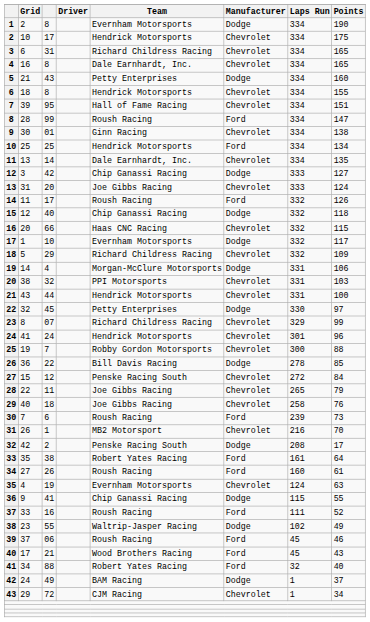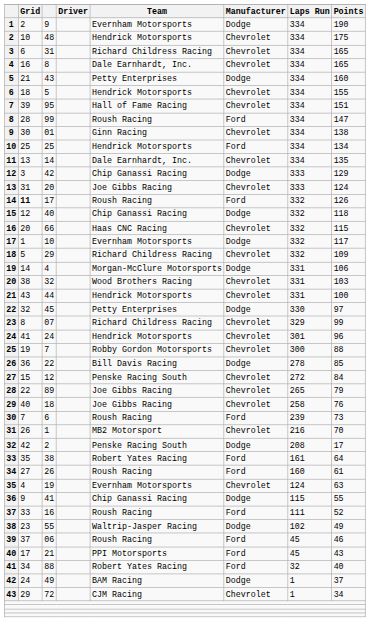 <table class="wikitable sortable">
 <tr>
 </tr>
 <tr>
 <th scope="col"></th>
 <th scope="col">Grid</th>
 <th scope="col"></th>
 <th scope="col">Driver</th>
 <th scope="col">Team</th>
 <th scope="col">Manufacturer</th>
 <th scope="col">Laps Run</th>
 <th scope="col">Points</th>
 </tr>
 <tr>
 <th scope="row">1</th>
 <td>2</td>
-<td>8</td>
+<td>9</td>
 <td></td>
 <td>Evernham Motorsports</td>
 <td>Dodge</td>
 <td>334</td>
 <td>190</td>
 </tr>
 <tr>
 <th scope="row">2</th>
 <td>10</td>
-<td>17</td>
+<td>48</td>
 <td></td>
 <td>Hendrick Motorsports</td>
 <td>Chevrolet</td>
 <td>334</td>
 <td>175</td>
 </tr>
 <tr>
 <th scope="row">3</th>
 <td>6</td>
 <td>31</td>
 <td></td>
 <td>Richard Childress Racing</td>
 <td>Chevrolet</td>
 <td>334</td>
 <td>165</td>
 </tr>
 <tr>
 <th scope="row">4</th>
 <td>16</td>
 <td>8</td>
 <td></td>
 <td>Dale Earnhardt, Inc.</td>
 <td>Chevrolet</td>
 <td>334</td>
 <td>165</td>
 </tr>
 <tr>
 <th scope="row">5</th>
 <td>21</td>
 <td>43</td>
 <td></td>
 <td>Petty Enterprises</td>
 <td>Dodge</td>
 <td>334</td>
 <td>160</td>
 </tr>
 <tr>
 <th scope="row">6</th>
 <td>18</td>
-<td>8</td>
+<td>5</td>
 <td></td>
 <td>Hendrick Motorsports</td>
 <td>Chevrolet</td>
 <td>334</td>
 <td>155</td>
 </tr>
 <tr>
 <th scope="row">7</th>
 <td>39</td>
 <td>95</td>
 <td></td>
 <td>Hall of Fame Racing</td>
 <td>Chevrolet</td>
 <td>334</td>
 <td>151</td>
 </tr>
 <tr>
 <th scope="row">8</th>
 <td>28</td>
 <td>99</td>
 <td></td>
 <td>Roush Racing</td>
 <td>Ford</td>
 <td>334</td>
 <td>147</td>
 </tr>
 <tr>
 <th scope="row">9</th>
 <td>30</td>
 <td>01</td>
 <td></td>
 <td>Ginn Racing</td>
 <td>Chevrolet</td>
 <td>334</td>
 <td>138</td>
 </tr>
 <tr>
 <th scope="row">10</th>
 <td>25</td>
 <td>25</td>
 <td></td>
 <td>Hendrick Motorsports</td>
 <td>Ford</td>
 <td>334</td>
 <td>134</td>
 </tr>
 <tr>
 <th scope="row">11</th>
 <td>13</td>
 <td>14</td>
 <td></td>
 <td>Dale Earnhardt, Inc.</td>
 <td>Chevrolet</td>
 <td>334</td>
 <td>135</td>
 </tr>
 <tr>
 <th scope="row">12</th>
 <td>3</td>
 <td>42</td>
 <td></td>
 <td>Chip Ganassi Racing</td>
 <td>Dodge</td>
 <td>333</td>
-<td>127</td>
+<td>129</td>
 </tr>
 <tr>
 <th scope="row">13</th>
 <td>31</td>
 <td>20</td>
 <td></td>
 <td>Joe Gibbs Racing</td>
 <td>Chevrolet</td>
 <td>333</td>
 <td>124</td>
 </tr>
 <tr>
 <th scope="row">14</th>
-<td>11</td>
+<td><strong>11</strong></td>
 <td>17</td>
 <td></td>
 <td>Roush Racing</td>
 <td>Ford</td>
 <td>332</td>
 <td>126</td>
 </tr>
 <tr>
 <th scope="row">15</th>
 <td>12</td>
 <td>40</td>
 <td></td>
 <td>Chip Ganassi Racing</td>
 <td>Dodge</td>
 <td>332</td>
 <td>118</td>
 </tr>
 <tr>
 <th scope="row">16</th>
 <td>20</td>
 <td>66</td>
 <td></td>
 <td>Haas CNC Racing</td>
 <td>Chevrolet</td>
 <td>332</td>
 <td>115</td>
 </tr>
 <tr>
 <th scope="row">17</th>
 <td>1</td>
 <td>10</td>
 <td></td>
 <td>Evernham Motorsports</td>
 <td>Dodge</td>
 <td>332</td>
 <td>117</td>
 </tr>
 <tr>
 <th scope="row">18</th>
 <td>5</td>
 <td>29</td>
 <td></td>
 <td>Richard Childress Racing</td>
 <td>Chevrolet</td>
 <td>332</td>
 <td>109</td>
 </tr>
 <tr>
 <th scope="row">19</th>
 <td>14</td>
 <td>4</td>
 <td></td>
 <td>Morgan-McClure Motorsports</td>
 <td>Dodge</td>
 <td>331</td>
 <td>106</td>
 </tr>
 <tr>
 <th scope="row">20</th>
 <td>38</td>
 <td>32</td>
 <td></td>
-<td>PPI Motorsports</td>
+<td>Wood Brothers Racing</td>
 <td>Chevrolet</td>
 <td>331</td>
 <td>103</td>
 </tr>
 <tr>
 <th scope="row">21</th>
 <td>43</td>
 <td>44</td>
 <td></td>
 <td>Hendrick Motorsports</td>
 <td>Chevrolet</td>
 <td>331</td>
 <td>100</td>
 </tr>
 <tr>
 <th scope="row">22</th>
 <td>32</td>
 <td>45</td>
 <td></td>
 <td>Petty Enterprises</td>
 <td>Dodge</td>
 <td>330</td>
 <td>97</td>
 </tr>
 <tr>
 <th scope="row">23</th>
 <td>8</td>
 <td>07</td>
 <td></td>
 <td>Richard Childress Racing</td>
 <td>Chevrolet</td>
 <td>329</td>
 <td>99</td>
 </tr>
 <tr>
 <th scope="row">24</th>
 <td>41</td>
 <td>24</td>
 <td></td>
 <td>Hendrick Motorsports</td>
 <td>Chevrolet</td>
 <td>301</td>
 <td>96</td>
 </tr>
 <tr>
 <th scope="row">25</th>
 <td>19</td>
 <td>7</td>
 <td></td>
 <td>Robby Gordon Motorsports</td>
 <td>Chevrolet</td>
 <td>300</td>
 <td>88</td>
 </tr>
 <tr>
 <th scope="row">26</th>
 <td>36</td>
 <td>22</td>
 <td></td>
 <td>Bill Davis Racing</td>
 <td>Dodge</td>
 <td>278</td>
 <td>85</td>
 </tr>
 <tr>
 <th scope="row">27</th>
 <td>15</td>
 <td>12</td>
 <td></td>
 <td>Penske Racing South</td>
 <td>Chevrolet</td>
 <td>272</td>
 <td>84</td>
 </tr>
 <tr>
 <th scope="row">28</th>
 <td>22</td>
-<td>11</td>
+<td>89</td>
 <td></td>
 <td>Joe Gibbs Racing</td>
 <td>Chevrolet</td>
 <td>265</td>
 <td>79</td>
 </tr>
 <tr>
 <th scope="row">29</th>
 <td>40</td>
 <td>18</td>
 <td></td>
 <td>Joe Gibbs Racing</td>
 <td>Chevrolet</td>
 <td>258</td>
 <td>76</td>
 </tr>
 <tr>
 <th scope="row">30</th>
 <td>7</td>
 <td>6</td>
 <td></td>
 <td>Roush Racing</td>
 <td>Ford</td>
 <td>239</td>
 <td>73</td>
 </tr>
 <tr>
 <th scope="row">31</th>
 <td>26</td>
 <td>1</td>
 <td></td>
 <td>MB2 Motorsport</td>
 <td>Chevrolet</td>
 <td>216</td>
 <td>70</td>
 </tr>
 <tr>
 <th scope="row">32</th>
 <td>42</td>
 <td>2</td>
 <td></td>
 <td>Penske Racing South</td>
 <td>Dodge</td>
 <td>208</td>
 <td>17</td>
 </tr>
 <tr>
 <th scope="row">33</th>
 <td>35</td>
 <td>38</td>
 <td></td>
 <td>Robert Yates Racing</td>
 <td>Ford</td>
 <td>161</td>
 <td>64</td>
 </tr>
 <tr>
 <th scope="row">34</th>
 <td>27</td>
 <td>26</td>
 <td></td>
 <td>Roush Racing</td>
 <td>Ford</td>
 <td>160</td>
 <td>61</td>
 </tr>
 <tr>
 <th scope="row">35</th>
 <td>4</td>
 <td>19</td>
 <td></td>
 <td>Evernham Motorsports</td>
 <td>Chevrolet</td>
 <td>124</td>
 <td>63</td>
 </tr>
 <tr>
 <th scope="row">36</th>
 <td>9</td>
 <td>41</td>
 <td></td>
 <td>Chip Ganassi Racing</td>
 <td>Dodge</td>
 <td>115</td>
 <td>55</td>
 </tr>
 <tr>
 <th scope="row">37</th>
 <td>33</td>
 <td>16</td>
 <td></td>
 <td>Roush Racing</td>
 <td>Ford</td>
 <td>111</td>
 <td>52</td>
 </tr>
 <tr>
 <th scope="row">38</th>
 <td>23</td>
 <td>55</td>
 <td></td>
 <td>Waltrip-Jasper Racing</td>
 <td>Dodge</td>
 <td>102</td>
 <td>49</td>
 </tr>
 <tr>
 <th scope="row">39</th>
 <td>37</td>
 <td>06</td>
 <td></td>
 <td>Roush Racing</td>
 <td>Ford</td>
 <td>45</td>
 <td>46</td>
 </tr>
 <tr>
 <th scope="row">40</th>
 <td>17</td>
 <td>21</td>
 <td></td>
-<td>Wood Brothers Racing</td>
+<td>PPI Motorsports</td>
 <td>Ford</td>
 <td>45</td>
 <td>43</td>
 </tr>
 <tr>
 <th scope="row">41</th>
 <td>34</td>
 <td>88</td>
 <td></td>
 <td>Robert Yates Racing</td>
 <td>Ford</td>
 <td>32</td>
 <td>40</td>
 </tr>
 <tr>
 <th scope="row">42</th>
 <td>24</td>
 <td>49</td>
 <td></td>
 <td>BAM Racing</td>
 <td>Dodge</td>
 <td>1</td>
 <td>37</td>
 </tr>
 <tr>
 <th scope="row">43</th>
 <td>29</td>
 <td>72</td>
 <td></td>
 <td>CJM Racing</td>
 <td>Chevrolet</td>
 <td>1</td>
 <td>34</td>
 </tr>
 <tr class="sortbottom">
 <td colspan="9"></td>
 </tr>
 <tr class="sortbottom">
 <td colspan="9"></td>
 </tr>
 <tr class="sortbottom">
 <td colspan="9"></td>
 </tr>
 <tr class="sortbottom">
 <td colspan="9"></td>
 </tr>
 </table>
